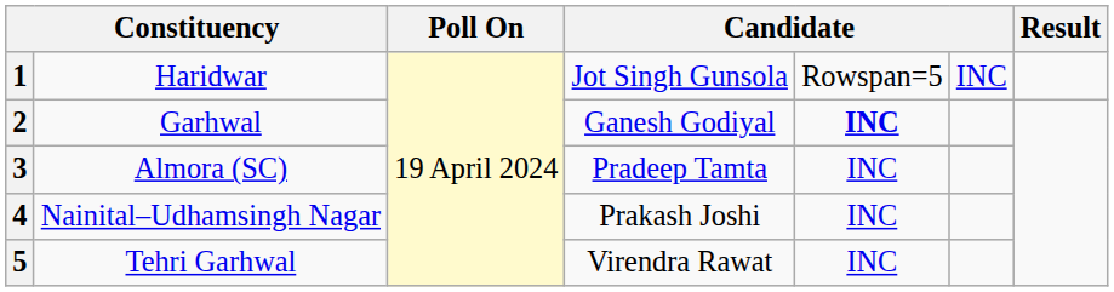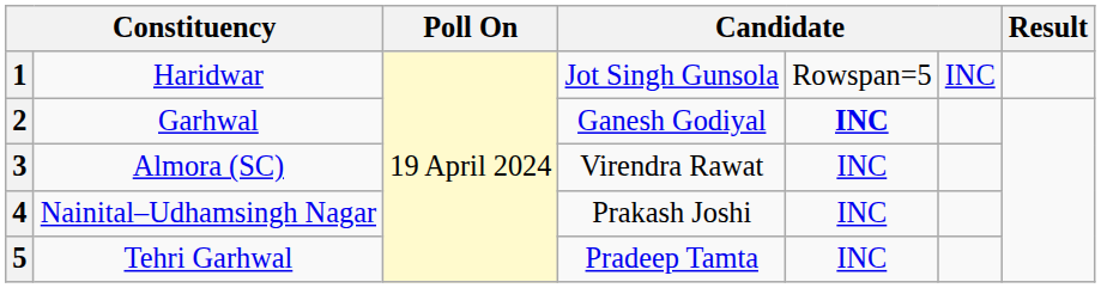 <table class="wikitable sortable" style="text-align:center;">
 <tr>
 <th colspan="2">Constituency</th>
 <th>Poll On</th>
 <th colspan="3">Candidate</th>
 <th>Result</th>
 </tr>
 <tr>
 <th>1</th>
 <td><a href='#'>Haridwar</a></td>
 <td Rowspan=5 bgcolor=#FFFACD>19 April 2024</td>
 <td><a href='#'>Jot Singh Gunsola</a></td>
 <td>Rowspan=5 </td>
 <td><a href='#'>INC</a></td>
 <td></td>
 </tr>
 <tr>
 <th>2</th>
 <td><a href='#'>Garhwal</a></td>
 <td><a href='#'>Ganesh Godiyal</a></td>
 <td><strong><a href='#'>INC</a></strong></td>
 <td></td>
 </tr>
 <tr>
 <th>3</th>
 <td><a href='#'>Almora (SC)</a></td>
-<td><a href='#'>Pradeep Tamta</a></td>
+<td>Virendra Rawat</td>
 <td><a href='#'>INC</a></td>
 <td></td>
 </tr>
 <tr>
 <th>4</th>
 <td><a href='#'>Nainital–Udhamsingh Nagar</a></td>
 <td>Prakash Joshi</td>
 <td><a href='#'>INC</a></td>
 <td></td>
 </tr>
 <tr>
 <th>5</th>
 <td><a href='#'>Tehri Garhwal</a></td>
-<td>Virendra Rawat</td>
+<td><a href='#'>Pradeep Tamta</a></td>
 <td><a href='#'>INC</a></td>
 <td></td>
 </tr>
 </table>
